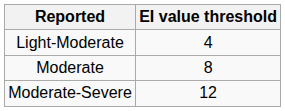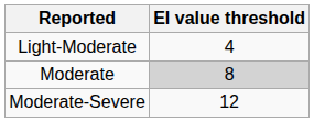 <table class="wikitable" style="text-align:center"; border="5">
 <tr>
 <th>Reported</th>
 <th>EI value threshold</th>
 </tr>
 <tr>
 <td>Light-Moderate</td>
 <td>4</td>
 </tr>
 <tr>
 <td>Moderate</td>
-<td>8</td>
+<td style="background: lightgrey;">8</td>
 </tr>
 <tr>
 <td>Moderate-Severe</td>
 <td>12</td>
 </tr>
 </table>
